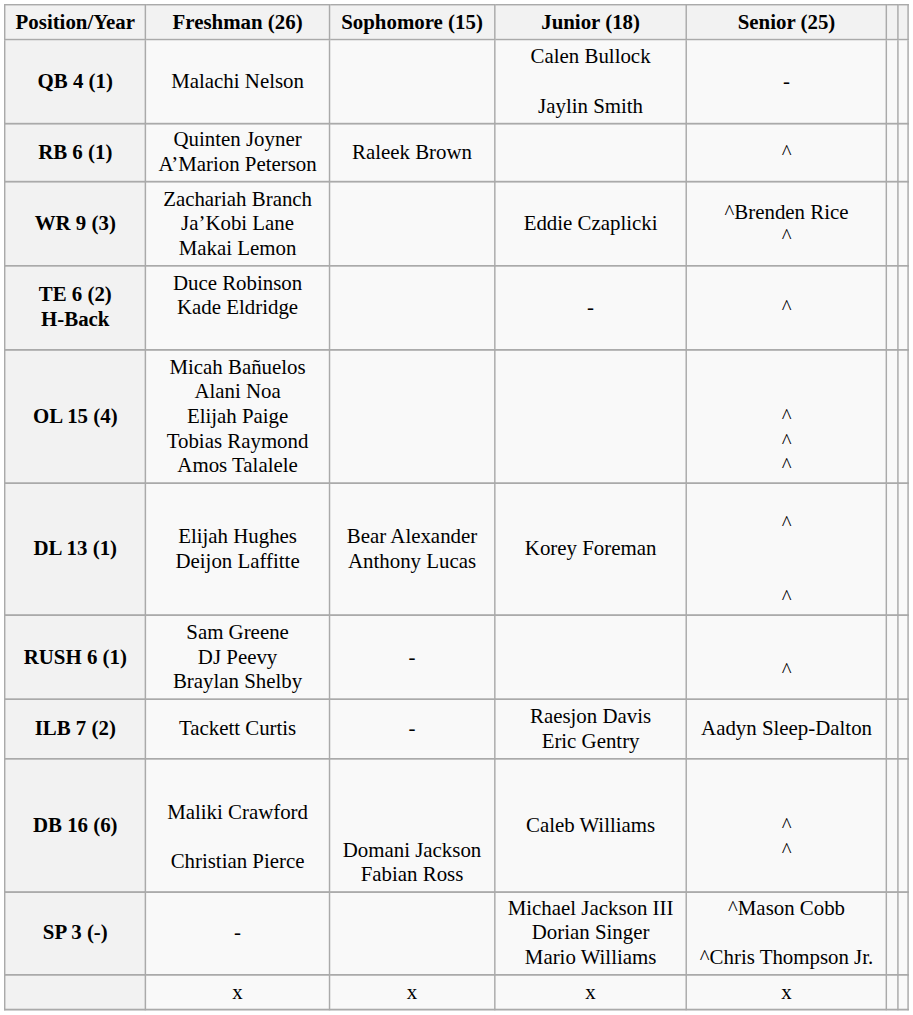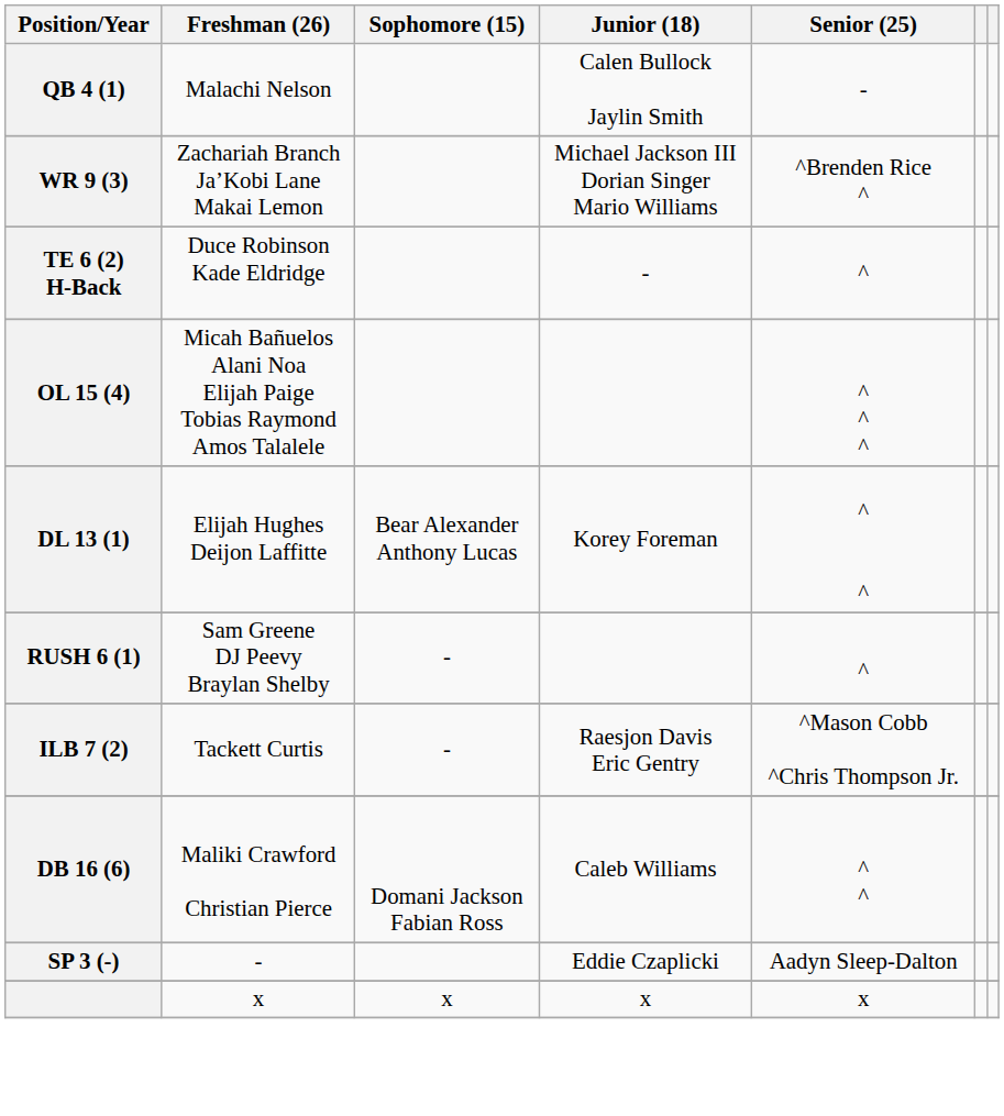 <table class="wikitable collapsible collapsed" style="font-size:90%;" width=100%>
 <tr>
 <th style="text-align:center; ">Position/Year</th>
 <th style="text-align:center; ">Freshman (26)</th>
 <th style="text-align:center; ">Sophomore (15)</th>
 <th style="text-align:center; ">Junior (18)</th>
 <th style="text-align:center; ">Senior (25)</th>
 <th></th>
 <th></th>
 </tr>
 <tr align="center">
 <th style="text-align:center; ">QB 4 (1)</th>
 <td>Malachi Nelson</td>
 <td> <br> </td>
 <td>Calen Bullock <br>  <br> Jaylin Smith</td>
 <td>-</td>
 <td></td>
 <td></td>
 </tr>
 <tr>
 </tr>
-<tr align="center">
-<th style="text-align:center; ">RB 6 (1)</th>
-<td>Quinten Joyner <br> A’Marion Peterson</td>
-<td>Raleek Brown</td>
-<td></td>
-<td>^ <br> </td>
-<td></td>
-<td></td>
-</tr>
 <tr>
 </tr>
 <tr align="center">
 <th style="text-align:center; ">WR 9 (3)</th>
 <td>Zachariah Branch <br> Ja’Kobi Lane <br> Makai Lemon</td>
 <td></td>
-<td>Eddie Czaplicki</td>
+<td>Michael Jackson III <br> Dorian Singer <br> Mario Williams</td>
 <td>^Brenden Rice <br> ^</td>
 <td> <br> </td>
 <td></td>
 </tr>
 <tr>
 </tr>
 <tr align="center">
 <th style="text-align:center; ">TE 6 (2) <br> H-Back</th>
 <td>Duce Robinson <br> Kade Eldridge <br>  <br> </td>
 <td></td>
 <td>-</td>
 <td>^</td>
 <td> <br> </td>
 <td></td>
 </tr>
 <tr>
 </tr>
 <tr align="center">
 <th style="text-align:center; ">OL 15 (4)</th>
 <td>Micah Bañuelos <br> Alani Noa <br> Elijah Paige <br> Tobias Raymond <br> Amos Talalele</td>
 <td></td>
 <td> <br>  <br> <br> </td>
 <td> <br>  <br> ^ <br> ^ <br> ^</td>
 <td> <br>  <br>  <br> </td>
 <td></td>
 </tr>
 <tr>
 </tr>
 <tr align="center">
 <th style="text-align:center; ">DL 13 (1)</th>
 <td>Elijah Hughes <br> Deijon Laffitte <br> </td>
 <td>Bear Alexander <br> Anthony Lucas <br></td>
 <td>Korey Foreman <br> </td>
 <td> <br> ^ <br>  <br>  <br> ^ <br> </td>
 <td></td>
 <td></td>
 </tr>
 <tr>
 </tr>
 <tr align="center">
 <th style="text-align:center; ">RUSH 6 (1)</th>
 <td>Sam Greene <br> DJ Peevy <br> Braylan Shelby</td>
 <td>-</td>
 <td></td>
 <td> <br> ^</td>
 <td></td>
 <td></td>
 </tr>
 <tr>
 </tr>
 <tr align="center">
 <th style="text-align:center; ">ILB 7 (2)</th>
 <td>Tackett Curtis <br> </td>
 <td>-</td>
 <td>Raesjon Davis <br> Eric Gentry</td>
-<td>Aadyn Sleep-Dalton</td>
+<td>^Mason Cobb <br>  <br> ^Chris Thompson Jr.</td>
 <td> <br> </td>
 <td></td>
 </tr>
 <tr>
 </tr>
 <tr align="center">
 <th style="text-align:center; ">DB 16 (6)</th>
 <td> <br> Maliki Crawford <br>  <br> Christian Pierce <br></td>
 <td> <br>  <br>  <br> Domani Jackson <br> Fabian Ross <br> </td>
 <td>Caleb Williams</td>
 <td> <br> ^ <br> ^</td>
 <td> <br>  <br>  <br>  <br> </td>
 <td></td>
 </tr>
 <tr>
 </tr>
 <tr align="center">
 <th style="text-align:center; ">SP 3 (-)</th>
 <td>-</td>
 <td></td>
-<td>Michael Jackson III <br> Dorian Singer <br> Mario Williams</td>
-<td>^Mason Cobb <br>  <br> ^Chris Thompson Jr.</td>
+<td>Eddie Czaplicki</td>
+<td>Aadyn Sleep-Dalton</td>
 <td></td>
 <td></td>
 </tr>
 <tr>
 </tr>
 <tr align="center">
 <th> </th>
 <td>x</td>
 <td>x</td>
 <td>x</td>
 <td>x</td>
 <td></td>
 <td></td>
 </tr>
 <tr>
 </tr>
 </table>
